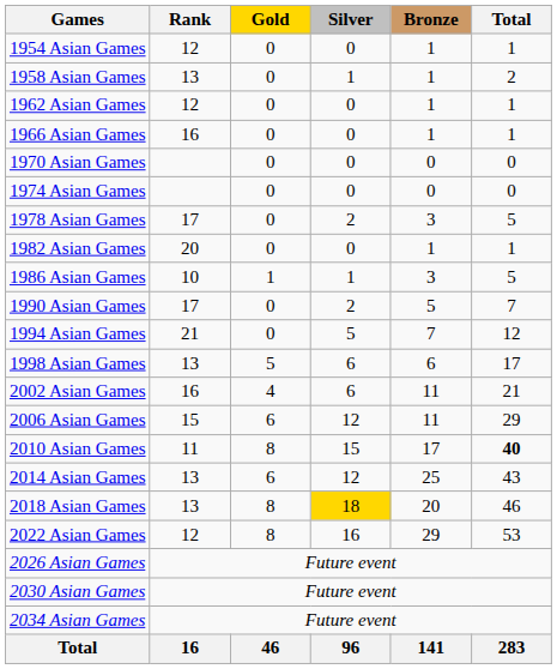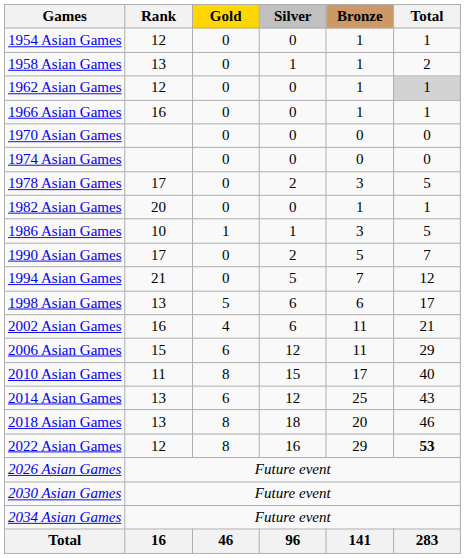 <table class="wikitable sortable" style="margin-top:0em; text-align:center; font-size:100%;">
 <tr>
 <th>Games</th>
 <th style="width:4em;">Rank</th>
 <td style="background:gold; width:4em;"><strong>Gold</strong></td>
 <td style="background:silver; width:4em;"><strong>Silver</strong></td>
 <td style="background:#cc9966; width:4em;"><strong>Bronze</strong></td>
 <th style="width:4em;">Total</th>
 </tr>
 <tr>
 <td align=left><a href='#'>1954 Asian Games</a></td>
 <td>12</td>
 <td>0</td>
 <td>0</td>
 <td>1</td>
 <td>1</td>
 </tr>
 <tr>
 <td align=left><a href='#'>1958 Asian Games</a></td>
 <td>13</td>
 <td>0</td>
 <td>1</td>
 <td>1</td>
 <td>2</td>
 </tr>
 <tr>
 <td align=left><a href='#'>1962 Asian Games</a></td>
 <td>12</td>
 <td>0</td>
 <td>0</td>
 <td>1</td>
-<td>1</td>
+<td style="background: lightgrey;">1</td>
 </tr>
 <tr>
 <td align=left><a href='#'>1966 Asian Games</a></td>
 <td>16</td>
 <td>0</td>
 <td>0</td>
 <td>1</td>
 <td>1</td>
 </tr>
 <tr>
 <td align=left><a href='#'>1970 Asian Games</a></td>
 <td></td>
 <td>0</td>
 <td>0</td>
 <td>0</td>
 <td>0</td>
 </tr>
 <tr>
 <td align=left><a href='#'>1974 Asian Games</a></td>
 <td></td>
 <td>0</td>
 <td>0</td>
 <td>0</td>
 <td>0</td>
 </tr>
 <tr>
 <td align=left><a href='#'>1978 Asian Games</a></td>
 <td>17</td>
 <td>0</td>
 <td>2</td>
 <td>3</td>
 <td>5</td>
 </tr>
 <tr>
 <td align=left><a href='#'>1982 Asian Games</a></td>
 <td>20</td>
 <td>0</td>
 <td>0</td>
 <td>1</td>
 <td>1</td>
 </tr>
 <tr>
 <td align=left><a href='#'>1986 Asian Games</a></td>
 <td>10</td>
 <td>1</td>
 <td>1</td>
 <td>3</td>
 <td>5</td>
 </tr>
 <tr>
 <td align=left><a href='#'>1990 Asian Games</a></td>
 <td>17</td>
 <td>0</td>
 <td>2</td>
 <td>5</td>
 <td>7</td>
 </tr>
 <tr>
 <td align=left><a href='#'>1994 Asian Games</a></td>
 <td>21</td>
 <td>0</td>
 <td>5</td>
 <td>7</td>
 <td>12</td>
 </tr>
 <tr>
 <td align=left><a href='#'>1998 Asian Games</a></td>
 <td>13</td>
 <td>5</td>
 <td>6</td>
 <td>6</td>
 <td>17</td>
 </tr>
 <tr>
 <td align=left><a href='#'>2002 Asian Games</a></td>
 <td>16</td>
 <td>4</td>
 <td>6</td>
 <td>11</td>
 <td>21</td>
 </tr>
 <tr>
 <td align=left><a href='#'>2006 Asian Games</a></td>
 <td>15</td>
 <td>6</td>
 <td>12</td>
 <td>11</td>
 <td>29</td>
 </tr>
 <tr>
 <td align=left><a href='#'>2010 Asian Games</a></td>
 <td>11</td>
 <td>8</td>
 <td>15</td>
 <td>17</td>
-<td><strong>40</strong></td>
+<td>40</td>
 </tr>
 <tr>
 <td align=left><a href='#'>2014 Asian Games</a></td>
 <td>13</td>
 <td>6</td>
 <td>12</td>
 <td>25</td>
 <td>43</td>
 </tr>
 <tr>
 <td align=left><a href='#'>2018 Asian Games</a></td>
 <td>13</td>
 <td>8</td>
-<td style="background: gold;">18</td>
+<td>18</td>
 <td>20</td>
 <td>46</td>
 </tr>
 <tr>
 <td align=left><a href='#'>2022 Asian Games</a></td>
 <td>12</td>
 <td>8</td>
 <td>16</td>
 <td>29</td>
-<td>53</td>
+<td><strong>53</strong></td>
 </tr>
 <tr>
 <td align=left><em><a href='#'>2026 Asian Games</a></em></td>
 <td colspan=5><em>Future event</em></td>
 </tr>
 <tr>
 <td align=left><em><a href='#'>2030 Asian Games</a></em></td>
 <td colspan=5><em>Future event</em></td>
 </tr>
 <tr>
 <td align=left><em><a href='#'>2034 Asian Games</a></em></td>
 <td colspan=5><em>Future event</em></td>
 </tr>
 <tr>
 <th>Total</th>
 <th>16</th>
 <th>46</th>
 <th>96</th>
 <th>141</th>
 <th>283</th>
 </tr>
 </table>
